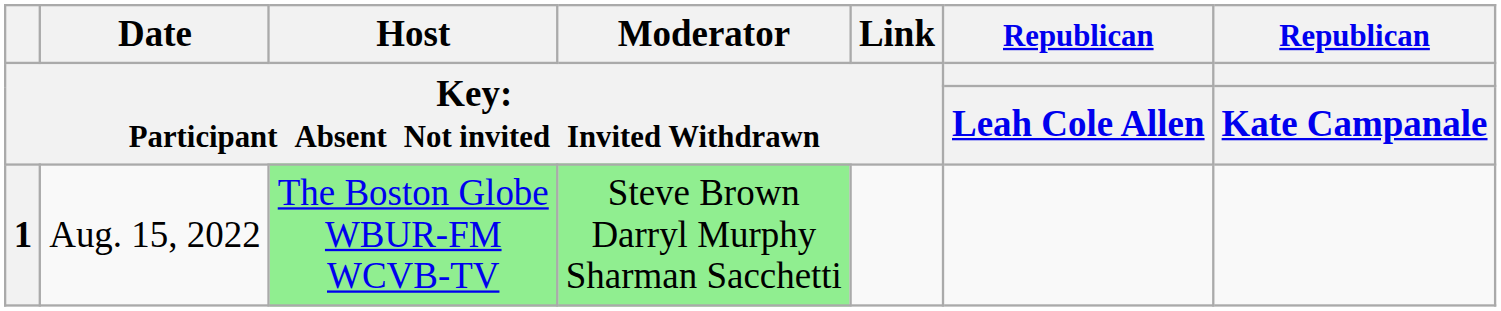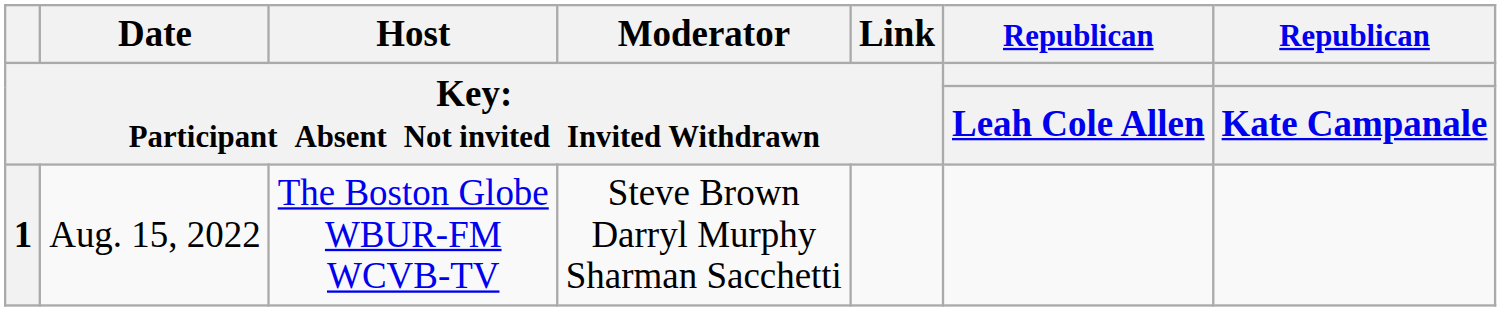 <table class="wikitable" style="text-align:center;">
 <tr>
 <th scope="col"></th>
 <th scope="col">Date</th>
 <th scope="col">Host</th>
 <th scope="col">Moderator</th>
 <th scope="col">Link</th>
 <th scope="col"><small><a href='#'>Republican</a></small></th>
 <th scope="col"><small><a href='#'>Republican</a></small></th>
 </tr>
 <tr>
 <th colspan="5" rowspan="2">Key:<br> <small>Participant </small>  <small>Absent </small>  <small>Not invited </small>  <small>Invited  Withdrawn</small></th>
 <th scope="col" style="background:"></th>
 <th scope="col" style="background:"></th>
 </tr>
 <tr>
 <th scope="col"><a href='#'>Leah Cole Allen</a></th>
 <th scope="col"><a href='#'>Kate Campanale</a></th>
 </tr>
 <tr>
 <th>1</th>
 <td style="white-space:nowrap;">Aug. 15, 2022</td>
-<td style="background: lightgreen; white-space:nowrap;"><a href='#'>The Boston Globe</a><br><a href='#'>WBUR-FM</a><br><a href='#'>WCVB-TV</a></td>
-<td style="background: lightgreen; white-space:nowrap;">Steve Brown<br>Darryl Murphy<br>Sharman Sacchetti</td>
+<td style="white-space:nowrap;"><a href='#'>The Boston Globe</a><br><a href='#'>WBUR-FM</a><br><a href='#'>WCVB-TV</a></td>
+<td style="white-space:nowrap;">Steve Brown<br>Darryl Murphy<br>Sharman Sacchetti</td>
 <td style="white-space:nowrap;"></td>
 <td></td>
 <td></td>
 </tr>
 </table>
